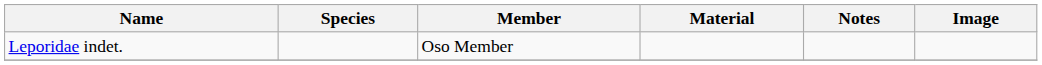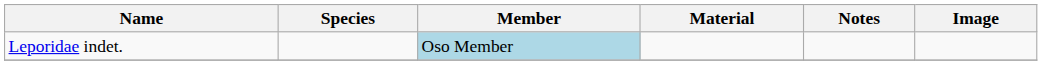 <table class="wikitable" align="center" width="75%">
 <tr>
 <th>Name</th>
 <th>Species</th>
 <th>Member</th>
 <th>Material</th>
 <th>Notes</th>
 <th>Image</th>
 </tr>
 <tr>
 <td><a href='#'>Leporidae</a> indet.</td>
 <td></td>
-<td>Oso Member</td>
+<td style="background: lightblue;">Oso Member</td>
 <td></td>
 <td></td>
 <td></td>
 </tr>
 <tr>
 </tr>
 </table>
